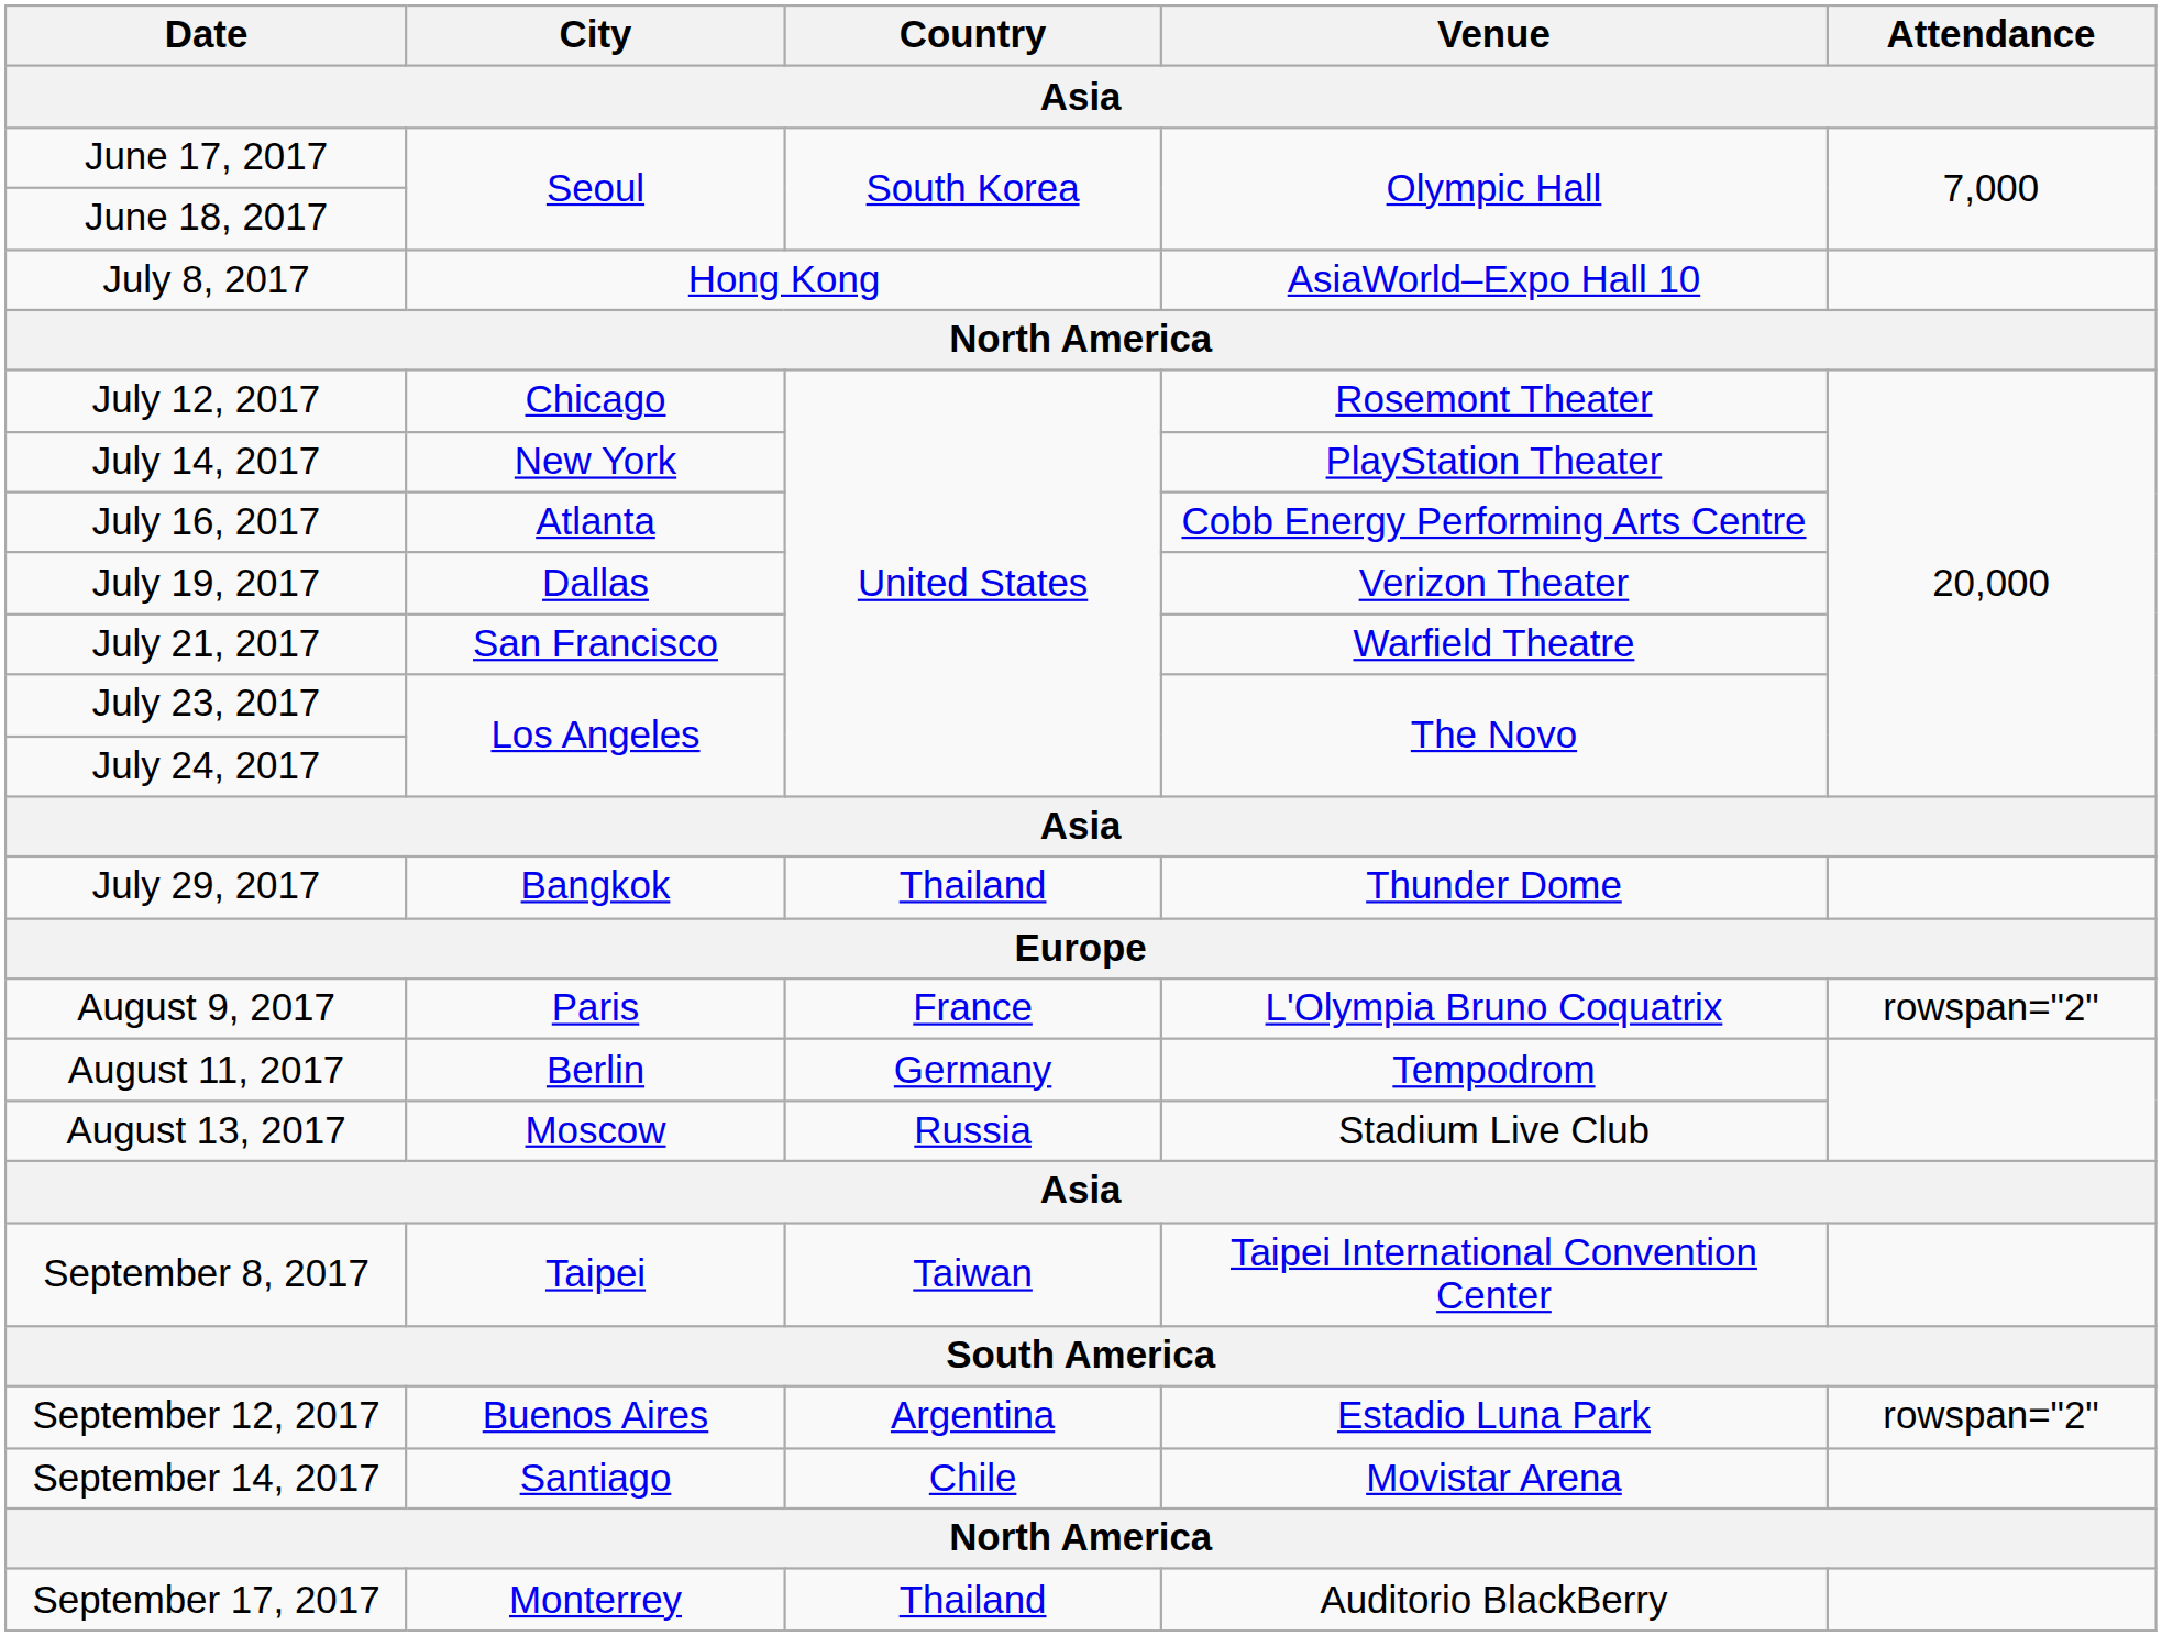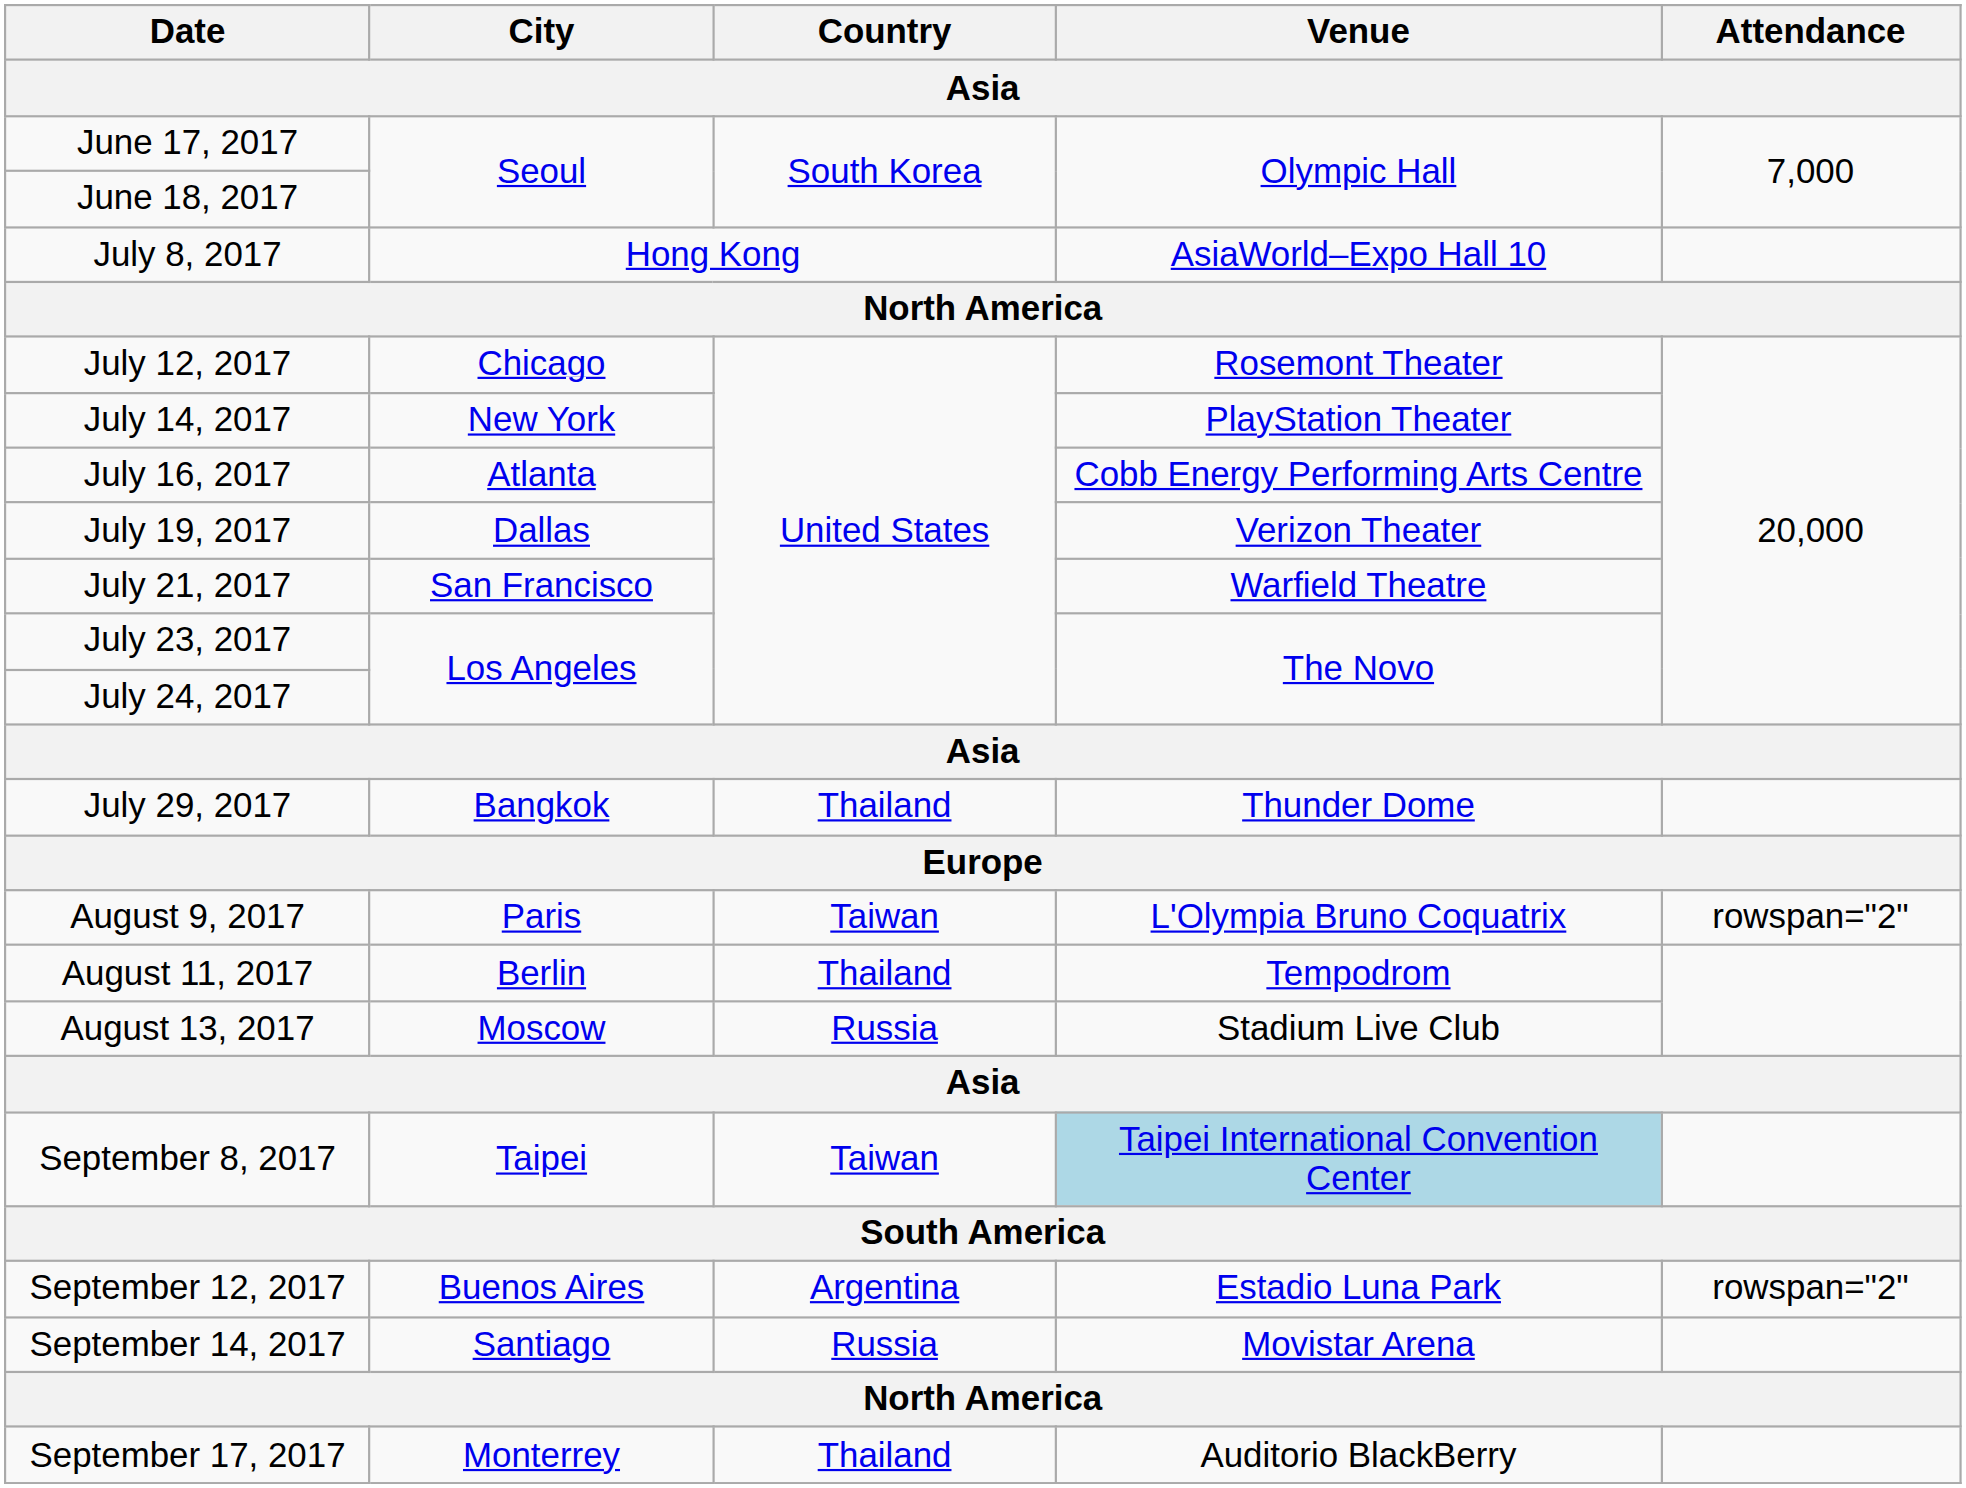 <table class="wikitable" style="text-align:center;">
 <tr>
 <th width="160">Date</th>
 <th width="150">City</th>
 <th width="150">Country</th>
 <th width="270">Venue</th>
 <th width="130">Attendance</th>
 </tr>
 <tr>
 <th colspan="5" align="center">Asia</th>
 </tr>
 <tr>
 <td align="center">June 17, 2017</td>
 <td rowspan="2" align="center"><a href='#'>Seoul</a></td>
 <td rowspan="2" align="center"><a href='#'>South Korea</a></td>
 <td rowspan="2" align="center"><a href='#'>Olympic Hall</a></td>
 <td rowspan="2">7,000</td>
 </tr>
 <tr>
 <td>June 18, 2017</td>
 </tr>
 <tr>
 <td align="center">July 8, 2017</td>
 <td colspan="2" align="center"><a href='#'>Hong Kong</a></td>
 <td align="center"><a href='#'>AsiaWorld–Expo Hall 10</a></td>
 <td></td>
 </tr>
 <tr>
 <th colspan="5" align="center">North America</th>
 </tr>
 <tr>
 <td align="center">July 12, 2017</td>
 <td align="center"><a href='#'>Chicago</a></td>
 <td rowspan="7" align="center"><a href='#'>United States</a></td>
 <td align="center"><a href='#'>Rosemont Theater</a></td>
 <td rowspan="7" align="center">20,000</td>
 </tr>
 <tr>
 <td align="center">July 14, 2017</td>
 <td align="center"><a href='#'>New York</a></td>
 <td align="center"><a href='#'>PlayStation Theater</a></td>
 </tr>
 <tr>
 <td align="center">July 16, 2017</td>
 <td align="center"><a href='#'>Atlanta</a></td>
 <td align="center"><a href='#'>Cobb Energy Performing Arts Centre</a></td>
 </tr>
 <tr>
 <td align="center">July 19, 2017</td>
 <td align="center"><a href='#'>Dallas</a></td>
 <td align="center"><a href='#'>Verizon Theater</a></td>
 </tr>
 <tr>
 <td align="center">July 21, 2017</td>
 <td align="center"><a href='#'>San Francisco</a></td>
 <td align="center"><a href='#'>Warfield Theatre</a></td>
 </tr>
 <tr>
 <td align="center">July 23, 2017</td>
 <td rowspan="2" align="center"><a href='#'>Los Angeles</a></td>
 <td rowspan="2" align="center"><a href='#'>The Novo</a></td>
 </tr>
 <tr>
 <td>July 24, 2017</td>
 </tr>
 <tr>
 <th colspan="5" align="center">Asia</th>
 </tr>
 <tr>
 <td align="center">July 29, 2017</td>
 <td align="center"><a href='#'>Bangkok</a></td>
 <td align="center"><a href='#'>Thailand</a></td>
 <td align="center"><a href='#'>Thunder Dome</a></td>
 <td></td>
 </tr>
 <tr>
 <th colspan="5" align="center">Europe</th>
 </tr>
 <tr>
 <td align="center">August 9, 2017</td>
 <td align="center"><a href='#'>Paris</a></td>
-<td align="center"><a href='#'>France</a></td>
+<td align="center"><a href='#'>Taiwan</a></td>
 <td align="center"><a href='#'>L'Olympia Bruno Coquatrix</a></td>
 <td>rowspan="2" </td>
 </tr>
 <tr>
 <td align="center">August 11, 2017</td>
 <td align="center"><a href='#'>Berlin</a></td>
-<td align="center"><a href='#'>Germany</a></td>
+<td align="center"><a href='#'>Thailand</a></td>
 <td align="center"><a href='#'>Tempodrom</a></td>
 </tr>
 <tr>
 <td align="center">August 13, 2017</td>
 <td align="center"><a href='#'>Moscow</a></td>
 <td align="center"><a href='#'>Russia</a></td>
 <td align="center">Stadium Live Club</td>
 </tr>
 <tr>
 <th colspan="5" align="center">Asia</th>
 </tr>
 <tr>
 <td align="center">September 8, 2017</td>
 <td align="center"><a href='#'>Taipei</a></td>
 <td align="center"><a href='#'>Taiwan</a></td>
-<td align="center"><a href='#'>Taipei International Convention Center</a></td>
+<td align="center" style="background: lightblue;"><a href='#'>Taipei International Convention Center</a></td>
 <td></td>
 </tr>
 <tr>
 <th colspan="5" align="center">South America</th>
 </tr>
 <tr>
 <td align="center">September 12, 2017</td>
 <td align="center"><a href='#'>Buenos Aires</a></td>
 <td align="center"><a href='#'>Argentina</a></td>
 <td align="center"><a href='#'>Estadio Luna Park</a></td>
 <td>rowspan="2" </td>
 </tr>
 <tr>
 <td align="center">September 14, 2017</td>
 <td align="center"><a href='#'>Santiago</a></td>
-<td align="center"><a href='#'>Chile</a></td>
+<td align="center"><a href='#'>Russia</a></td>
 <td align="center"><a href='#'>Movistar Arena</a></td>
 </tr>
 <tr>
 <th colspan="5" align="center">North America</th>
 </tr>
 <tr>
 <td align="center">September 17, 2017</td>
 <td align="center"><a href='#'>Monterrey</a></td>
 <td align="center"><a href='#'>Thailand</a></td>
 <td align="center">Auditorio BlackBerry</td>
 <td></td>
 </tr>
 </table>
